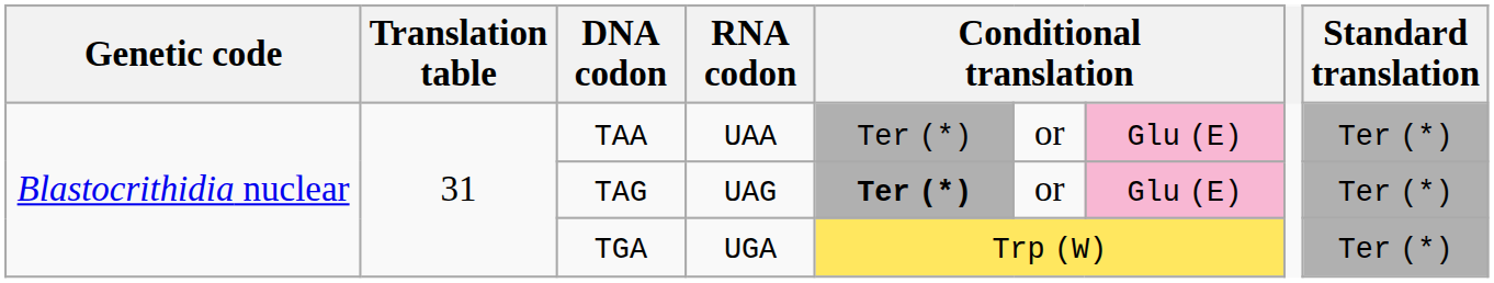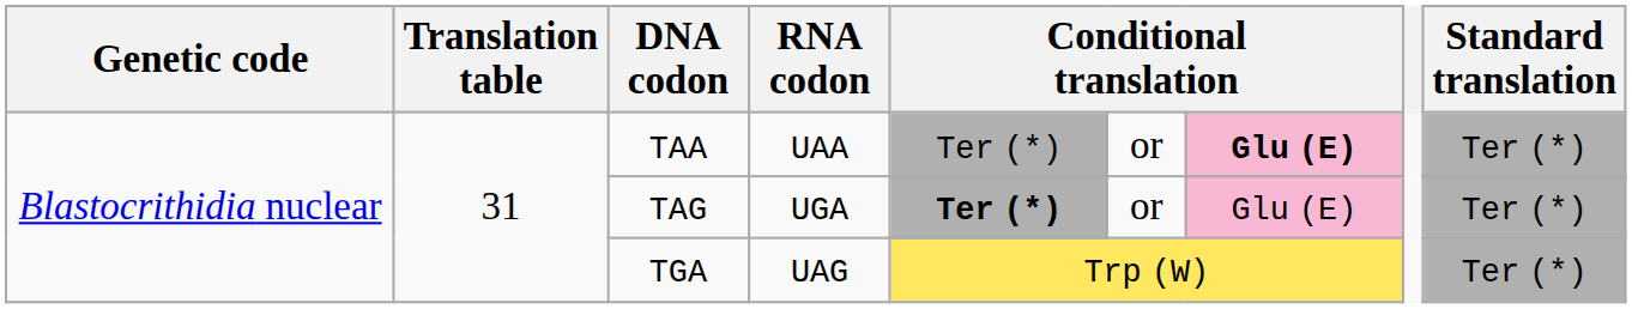 <table class="wikitable" style="border: none; text-align: center;">
 <tr>
 <th style="width: 150px;">Genetic code</th>
 <th style="width: 25px;">Translation <br> table</th>
 <th style="width: 50px;">DNA codon</th>
 <th style="width: 50px;">RNA codon</th>
 <th colspan="3" style="width: 200px;">Conditional <br> translation</th>
 <th style="border: none; width: 1px;"></th>
 <th style="width: 50px;">Standard translation</th>
 </tr>
 <tr>
 <td rowspan="3"><a href='#'><em>Blastocrithidia</em> nuclear</a></td>
 <td rowspan="3">31</td>
 <td><code>TAA</code></td>
 <td><code>UAA</code></td>
 <td style="width: 50px; background-color:#B0B0B0;"><code>Ter</code> <code>(*)</code></td>
 <td style="width: 10px;">or</td>
-<td style="width: 50px; background-color:#f8b7d3;"><code>Glu</code> <code>(E)</code></td>
+<td style="width: 50px; background-color:#f8b7d3;"><strong><code>Glu</code> <code>(E)</code></strong></td>
 <td style="border: none; width: 1px;"></td>
 <td style="background-color:#B0B0B0;"><code>Ter</code> <code>(*)</code></td>
 </tr>
 <tr>
 <td><code>TAG</code></td>
-<td><code>UAG</code></td>
+<td><code>UGA</code></td>
 <td style="width: 50px; background-color:#B0B0B0;"><strong><code>Ter</code> <code>(*)</code></strong></td>
 <td style="width: 10px;">or</td>
 <td style="width: 50px; background-color:#f8b7d3;"><code>Glu</code> <code>(E)</code></td>
 <td style="border: none; width: 1px;"></td>
 <td style="background-color:#B0B0B0;"><code>Ter</code> <code>(*)</code></td>
 </tr>
 <tr>
 <td><code>TGA</code></td>
-<td><code>UGA</code></td>
+<td><code>UAG</code></td>
 <td colspan="3" style="background-color:#ffe75f;"><code>Trp</code> <code>(W)</code></td>
 <td style="border: none; width: 1px;"></td>
 <td style="background-color:#B0B0B0;"><code>Ter</code> <code>(*)</code></td>
 </tr>
 </table>
